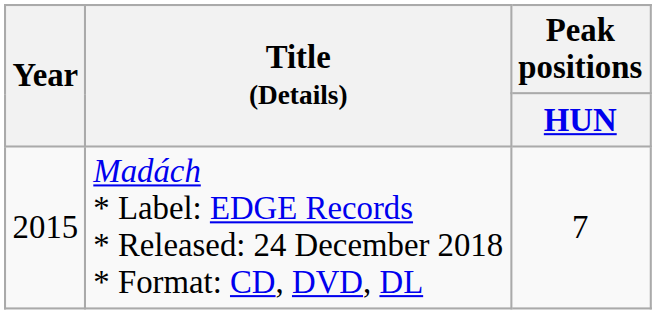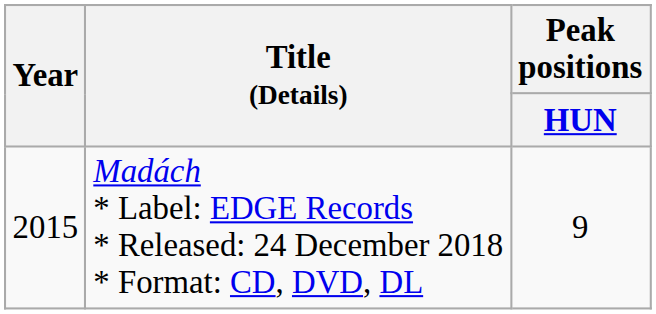 <table class="wikitable">
 <tr>
 <th rowspan="2">Year</th>
 <th rowspan="2">Title<br><small>(Details)</small></th>
 <th colspan="1">Peak positions</th>
 </tr>
 <tr>
 <th width="30"><a href='#'>HUN</a></th>
 </tr>
 <tr>
 <td>2015</td>
 <td><em><a href='#'>Madách</a></em><br>* Label: <a href='#'>EDGE Records</a><br>* Released: 24 December 2018<br>* Format: <a href='#'>CD</a>, <a href='#'>DVD</a>, <a href='#'>DL</a></td>
-<td align="center">7</td>
+<td align="center">9</td>
 </tr>
 </table>
